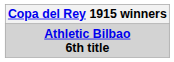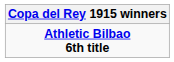 <table class="wikitable" style="text-align: center; margin: 0 auto;">
 <tr>
 <th><a href='#'>Copa del Rey</a> 1915 winners</th>
 </tr>
 <tr>
-<td style="background: lightgrey;"><strong><a href='#'>Athletic Bilbao</a></strong><br><strong>6th title</strong></td>
+<td><strong><a href='#'>Athletic Bilbao</a></strong><br><strong>6th title</strong></td>
 </tr>
 </table>
